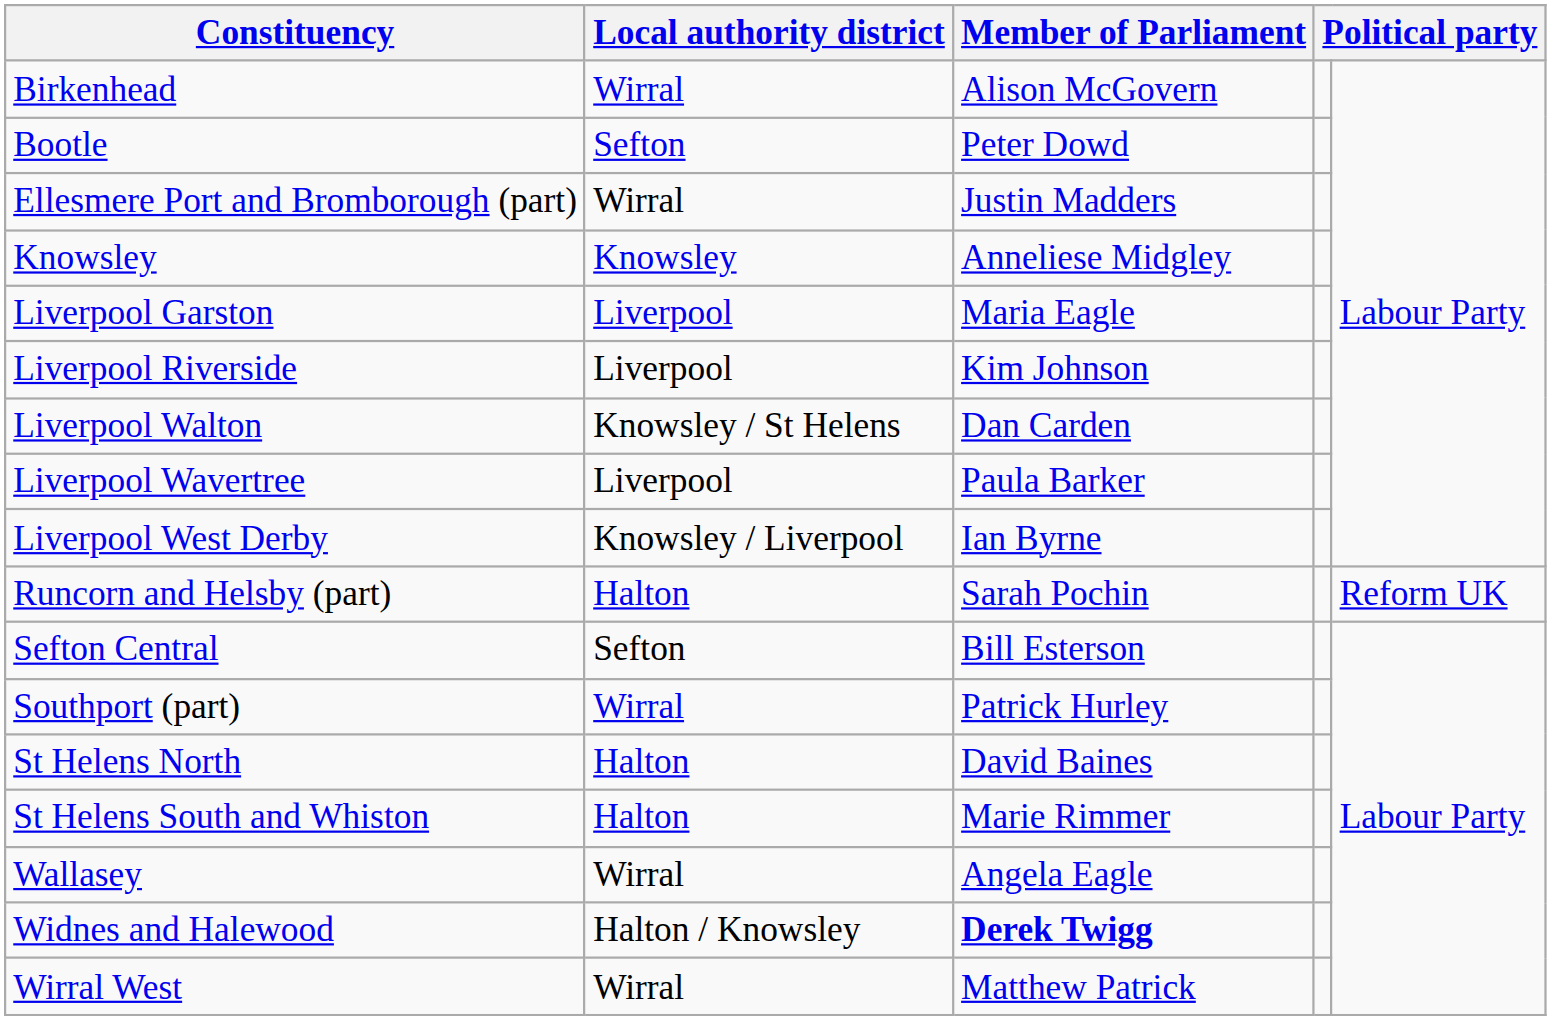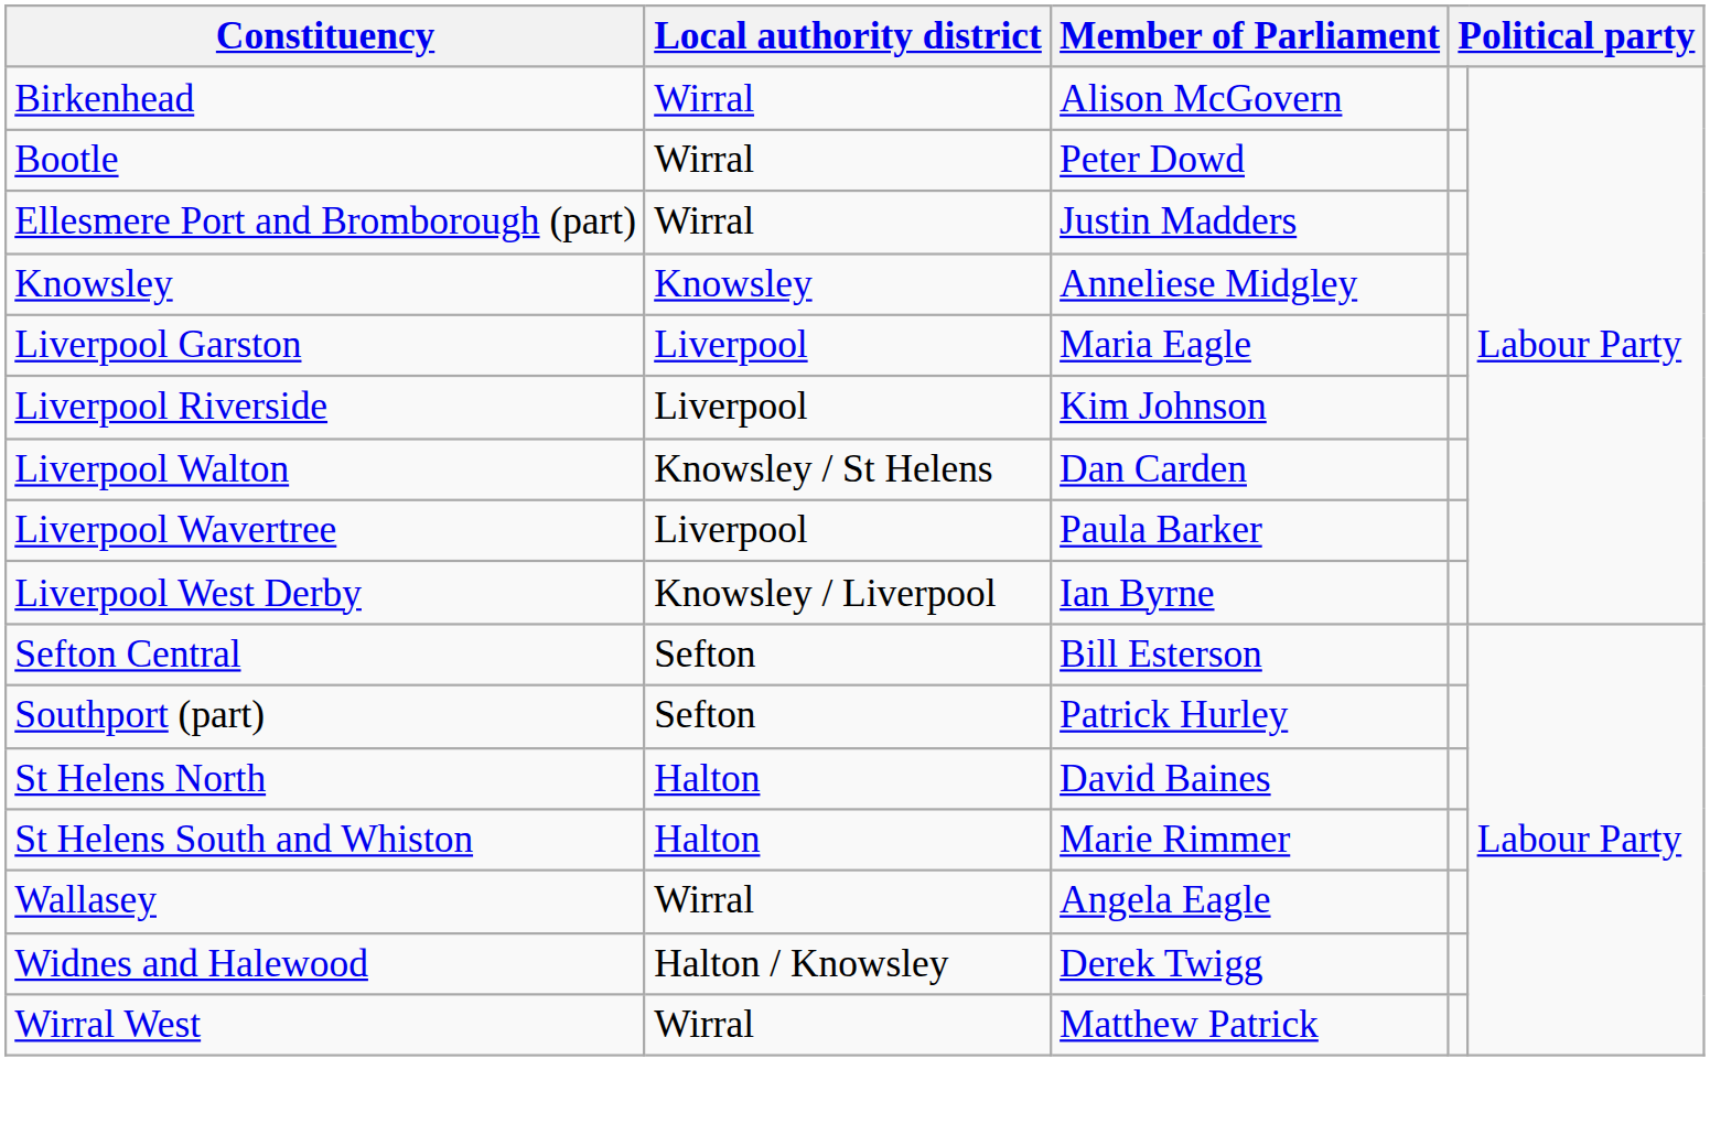 <table class="wikitable sortable">
 <tr>
 <th><a href='#'>Constituency</a></th>
 <th><a href='#'>Local authority district</a></th>
 <th><a href='#'>Member of Parliament</a></th>
 <th colspan="2" style="vertical-align:top;"><a href='#'>Political party</a></th>
 </tr>
 <tr>
 <td><a href='#'>Birkenhead</a></td>
 <td><a href='#'>Wirral</a></td>
 <td><a href='#'>Alison McGovern</a></td>
 <td style="background:"></td>
 <td rowspan="9"><a href='#'>Labour Party</a></td>
 </tr>
 <tr>
 <td><a href='#'>Bootle</a></td>
-<td><a href='#'>Sefton</a></td>
+<td>Wirral</td>
 <td><a href='#'>Peter Dowd</a></td>
 <td style="background:"></td>
 </tr>
 <tr>
 <td><a href='#'>Ellesmere Port and Bromborough</a> (part)</td>
 <td>Wirral</td>
 <td><a href='#'>Justin Madders</a></td>
 <td style="background:"></td>
 </tr>
 <tr>
 <td><a href='#'>Knowsley</a></td>
 <td><a href='#'>Knowsley</a></td>
 <td><a href='#'>Anneliese Midgley</a></td>
 <td style="background:"></td>
 </tr>
 <tr>
 <td><a href='#'>Liverpool Garston</a></td>
 <td><a href='#'>Liverpool</a></td>
 <td><a href='#'>Maria Eagle</a></td>
 <td style="background:"></td>
 </tr>
 <tr>
 <td><a href='#'>Liverpool Riverside</a></td>
 <td>Liverpool</td>
 <td><a href='#'>Kim Johnson</a></td>
 <td style="background:"></td>
 </tr>
 <tr>
 <td><a href='#'>Liverpool Walton</a></td>
 <td>Knowsley / St Helens</td>
 <td><a href='#'>Dan Carden</a></td>
 <td style="background:"></td>
 </tr>
 <tr>
 <td><a href='#'>Liverpool Wavertree</a></td>
 <td>Liverpool</td>
 <td><a href='#'>Paula Barker</a></td>
 <td style="background:"></td>
 </tr>
 <tr>
 <td><a href='#'>Liverpool West Derby</a></td>
 <td>Knowsley / Liverpool</td>
 <td><a href='#'>Ian Byrne</a></td>
 <td style="background:"></td>
 </tr>
 <tr>
-<td><a href='#'>Runcorn and Helsby</a> (part)</td>
-<td><a href='#'>Halton</a></td>
-<td><a href='#'>Sarah Pochin</a></td>
-<td style="background:"></td>
-<td><a href='#'>Reform UK</a></td>
-</tr>
-<tr>
 <td><a href='#'>Sefton Central</a></td>
 <td>Sefton</td>
 <td><a href='#'>Bill Esterson</a></td>
 <td style="background:"></td>
 <td rowspan="7"><a href='#'>Labour Party</a></td>
 </tr>
 <tr>
 <td><a href='#'>Southport</a> (part)</td>
-<td><a href='#'>Wirral</a></td>
+<td>Sefton</td>
 <td><a href='#'>Patrick Hurley</a></td>
 <td style="background:"></td>
 </tr>
 <tr>
 <td><a href='#'>St Helens North</a></td>
 <td><a href='#'>Halton</a></td>
 <td><a href='#'>David Baines</a></td>
 <td style="background:"></td>
 </tr>
 <tr>
 <td><a href='#'>St Helens South and Whiston</a></td>
 <td><a href='#'>Halton</a></td>
 <td><a href='#'>Marie Rimmer</a></td>
 <td style="background:"></td>
 </tr>
 <tr>
 <td><a href='#'>Wallasey</a></td>
 <td>Wirral</td>
 <td><a href='#'>Angela Eagle</a></td>
 <td style="background:"></td>
 </tr>
 <tr>
 <td><a href='#'>Widnes and Halewood</a></td>
 <td>Halton / Knowsley</td>
-<td><strong><a href='#'>Derek Twigg</a></strong></td>
+<td><a href='#'>Derek Twigg</a></td>
 <td style="background:"></td>
 </tr>
 <tr>
 <td><a href='#'>Wirral West</a></td>
 <td>Wirral</td>
 <td><a href='#'>Matthew Patrick</a></td>
 <td style="background:"></td>
 </tr>
 </table>
